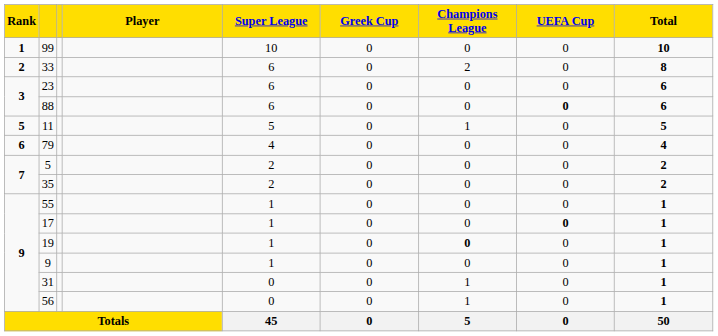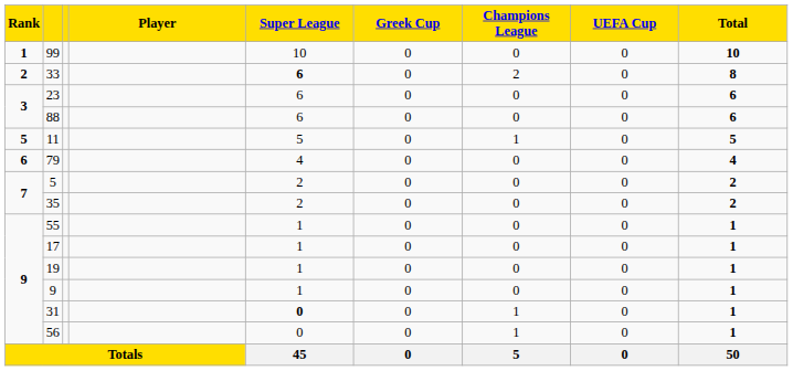 <table class="wikitable sortable" style="text-align: center">
 <tr>
 <th style="background:#FFDE00">Rank</th>
 <th style="background:#FFDE00"></th>
 <th style="background:#FFDE00"></th>
 <th width=200 style="background:#FFDE00">Player</th>
 <th width=120 style="background:#FFDE00"><a href='#'>Super League</a></th>
 <th width=120 style="background:#FFDE00"><a href='#'>Greek Cup</a></th>
 <th width=120 style="background:#FFDE00"><a href='#'>Champions League</a></th>
 <th width=120 style="background:#FFDE00"><a href='#'>UEFA Cup</a></th>
 <th width=120 style="background:#FFDE00">Total</th>
 </tr>
 <tr>
 <td><strong>1</strong></td>
 <td>99</td>
 <td></td>
 <td align=left></td>
 <td>10</td>
 <td>0</td>
 <td>0</td>
 <td>0</td>
 <td><strong>10</strong></td>
 </tr>
 <tr>
 <td><strong>2</strong></td>
 <td>33</td>
 <td></td>
 <td align=left></td>
-<td>6</td>
+<td><strong>6</strong></td>
 <td>0</td>
 <td>2</td>
 <td>0</td>
 <td><strong>8</strong></td>
 </tr>
 <tr>
 <td rowspan=2><strong>3</strong></td>
 <td>23</td>
 <td></td>
 <td align=left></td>
 <td>6</td>
 <td>0</td>
 <td>0</td>
 <td>0</td>
 <td><strong>6</strong></td>
 </tr>
 <tr>
 <td>88</td>
 <td></td>
 <td align=left></td>
 <td>6</td>
 <td>0</td>
 <td>0</td>
-<td><strong>0</strong></td>
+<td>0</td>
 <td><strong>6</strong></td>
 </tr>
 <tr>
 <td><strong>5</strong></td>
 <td>11</td>
 <td></td>
 <td align=left></td>
 <td>5</td>
 <td>0</td>
 <td>1</td>
 <td>0</td>
 <td><strong>5</strong></td>
 </tr>
 <tr>
 <td><strong>6</strong></td>
 <td>79</td>
 <td></td>
 <td align=left></td>
 <td>4</td>
 <td>0</td>
 <td>0</td>
 <td>0</td>
 <td><strong>4</strong></td>
 </tr>
 <tr>
 <td rowspan=2><strong>7</strong></td>
 <td>5</td>
 <td></td>
 <td align=left></td>
 <td>2</td>
 <td>0</td>
 <td>0</td>
 <td>0</td>
 <td><strong>2</strong></td>
 </tr>
 <tr>
 <td>35</td>
 <td></td>
 <td align=left></td>
 <td>2</td>
 <td>0</td>
 <td>0</td>
 <td>0</td>
 <td><strong>2</strong></td>
 </tr>
 <tr>
 <td rowspan=6><strong>9</strong></td>
 <td>55</td>
 <td></td>
 <td align=left></td>
 <td>1</td>
 <td>0</td>
 <td>0</td>
 <td>0</td>
 <td><strong>1</strong></td>
 </tr>
 <tr>
 <td>17</td>
 <td></td>
 <td align=left></td>
 <td>1</td>
 <td>0</td>
 <td>0</td>
-<td><strong>0</strong></td>
+<td>0</td>
 <td><strong>1</strong></td>
 </tr>
 <tr>
 <td>19</td>
 <td></td>
 <td align=left></td>
 <td>1</td>
 <td>0</td>
-<td><strong>0</strong></td>
+<td>0</td>
 <td>0</td>
 <td><strong>1</strong></td>
 </tr>
 <tr>
 <td>9</td>
 <td></td>
 <td align=left></td>
 <td>1</td>
 <td>0</td>
 <td>0</td>
 <td>0</td>
 <td><strong>1</strong></td>
 </tr>
 <tr>
 <td>31</td>
 <td></td>
 <td align=left></td>
-<td>0</td>
+<td><strong>0</strong></td>
 <td>0</td>
 <td>1</td>
 <td>0</td>
 <td><strong>1</strong></td>
 </tr>
 <tr>
 <td>56</td>
 <td></td>
 <td align=left></td>
 <td>0</td>
 <td>0</td>
 <td>1</td>
 <td>0</td>
 <td><strong>1</strong></td>
 </tr>
 <tr class="sortbottom">
 <th colspan=4 style="background:#FFDE00"><strong>Totals</strong></th>
 <th><strong>45</strong></th>
 <th><strong> 0</strong></th>
 <th><strong> 5</strong></th>
 <th><strong> 0</strong></th>
 <th><strong>50</strong></th>
 </tr>
 </table>
